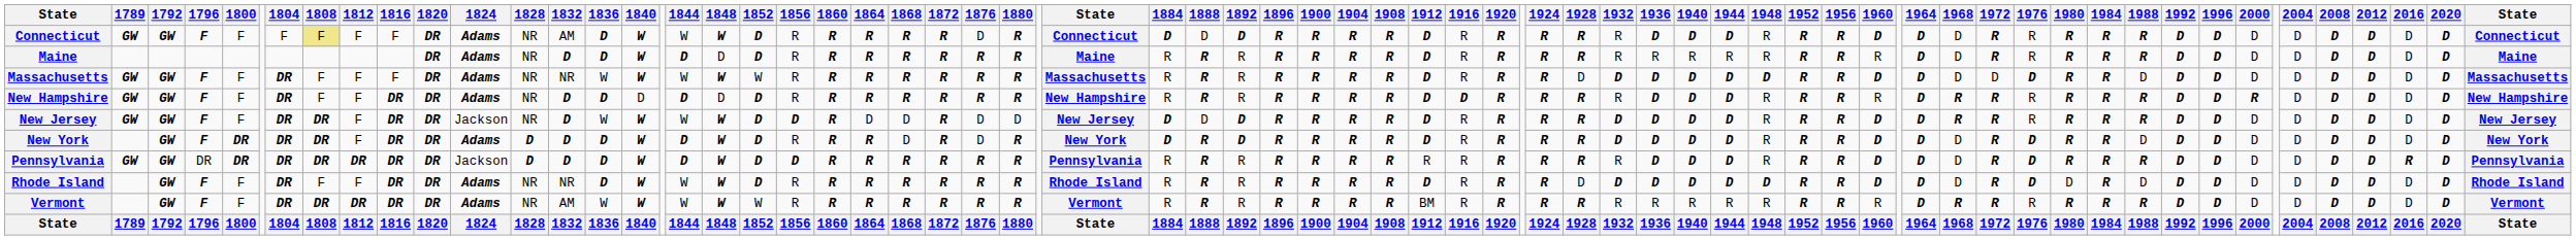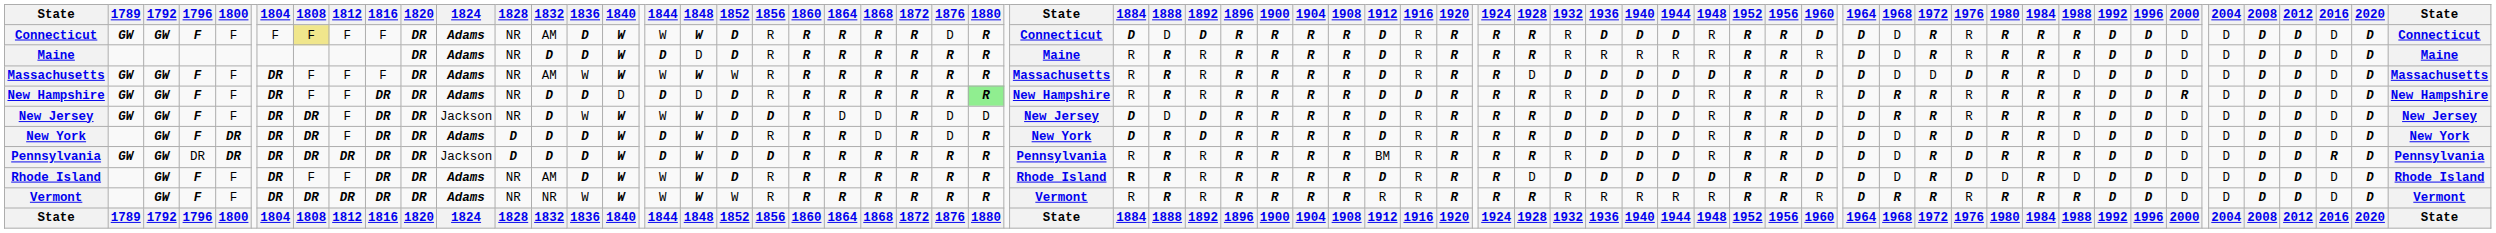 <table class=wikitable style="text-align:center">
 <tr>
 <th>State</th>
 <th><a href='#'>1789</a></th>
 <th><a href='#'>1792</a></th>
 <th><a href='#'>1796</a></th>
 <th><a href='#'>1800</a></th>
 <td rowspan=99></td>
 <th><a href='#'>1804</a></th>
 <th><a href='#'>1808</a></th>
 <th><a href='#'>1812</a></th>
 <th><a href='#'>1816</a></th>
 <th><a href='#'>1820</a></th>
 <th><a href='#'>1824</a></th>
 <th><a href='#'>1828</a></th>
 <th><a href='#'>1832</a></th>
 <th><a href='#'>1836</a></th>
 <th><a href='#'>1840</a></th>
 <td rowspan=99></td>
 <th><a href='#'>1844</a></th>
 <th><a href='#'>1848</a></th>
 <th><a href='#'>1852</a></th>
 <th><a href='#'>1856</a></th>
 <th><a href='#'>1860</a></th>
 <th><a href='#'>1864</a></th>
 <th><a href='#'>1868</a></th>
 <th><a href='#'>1872</a></th>
 <th><a href='#'>1876</a></th>
 <th><a href='#'>1880</a></th>
 <td rowspan=99></td>
 <th>State</th>
 <th><a href='#'>1884</a></th>
 <th><a href='#'>1888</a></th>
 <th><a href='#'>1892</a></th>
 <th><a href='#'>1896</a></th>
 <th><a href='#'>1900</a></th>
 <th><a href='#'>1904</a></th>
 <th><a href='#'>1908</a></th>
 <th><a href='#'>1912</a></th>
 <th><a href='#'>1916</a></th>
 <th><a href='#'>1920</a></th>
 <td rowspan=99></td>
 <th><a href='#'>1924</a></th>
 <th><a href='#'>1928</a></th>
 <th><a href='#'>1932</a></th>
 <th><a href='#'>1936</a></th>
 <th><a href='#'>1940</a></th>
 <th><a href='#'>1944</a></th>
 <th><a href='#'>1948</a></th>
 <th><a href='#'>1952</a></th>
 <th><a href='#'>1956</a></th>
 <th><a href='#'>1960</a></th>
 <td rowspan=99></td>
 <th><a href='#'>1964</a></th>
 <th><a href='#'>1968</a></th>
 <th><a href='#'>1972</a></th>
 <th><a href='#'>1976</a></th>
 <th><a href='#'>1980</a></th>
 <th><a href='#'>1984</a></th>
 <th><a href='#'>1988</a></th>
 <th><a href='#'>1992</a></th>
 <th><a href='#'>1996</a></th>
 <th><a href='#'>2000</a></th>
 <td rowspan=99></td>
 <th><a href='#'>2004</a></th>
 <th><a href='#'>2008</a></th>
 <th><a href='#'>2012</a></th>
 <th><a href='#'>2016</a></th>
 <th><a href='#'>2020</a></th>
 <th>State</th>
 </tr>
 <tr>
 <th nowrap><a href='#'>Connecticut</a></th>
 <td><strong><em>GW</em></strong></td>
 <td><strong><em>GW</em></strong></td>
 <td><strong><em>F</em></strong></td>
 <td>F</td>
 <td>F</td>
 <td style="background: khaki;">F</td>
 <td>F</td>
 <td>F</td>
 <td><strong><em>DR</em></strong></td>
 <td><strong><em>Adams</em></strong></td>
 <td>NR</td>
 <td>AM</td>
 <td><strong><em>D</em></strong></td>
 <td><strong><em>W</em></strong></td>
 <td>W</td>
 <td><strong><em>W</em></strong></td>
 <td><strong><em>D</em></strong></td>
 <td>R</td>
 <td><strong><em>R</em></strong></td>
 <td><strong><em>R</em></strong></td>
 <td><strong><em>R</em></strong></td>
 <td><strong><em>R</em></strong></td>
 <td>D</td>
 <td><strong><em>R</em></strong></td>
 <th><a href='#'>Connecticut</a></th>
 <td><strong><em>D</em></strong></td>
 <td>D</td>
 <td><strong><em>D</em></strong></td>
 <td><strong><em>R</em></strong></td>
 <td><strong><em>R</em></strong></td>
 <td><strong><em>R</em></strong></td>
 <td><strong><em>R</em></strong></td>
 <td><strong><em>D</em></strong></td>
 <td>R</td>
 <td><strong><em>R</em></strong></td>
 <td><strong><em>R</em></strong></td>
 <td><strong><em>R</em></strong></td>
 <td>R</td>
 <td><strong><em>D</em></strong></td>
 <td><strong><em>D</em></strong></td>
 <td><strong><em>D</em></strong></td>
 <td>R</td>
 <td><strong><em>R</em></strong></td>
 <td><strong><em>R</em></strong></td>
 <td><strong><em>D</em></strong></td>
 <td><strong><em>D</em></strong></td>
 <td>D</td>
 <td><strong><em>R</em></strong></td>
 <td>R</td>
 <td><strong><em>R</em></strong></td>
 <td><strong><em>R</em></strong></td>
 <td><strong><em>R</em></strong></td>
 <td><strong><em>D</em></strong></td>
 <td><strong><em>D</em></strong></td>
 <td>D</td>
 <td>D</td>
 <td><strong><em>D</em></strong></td>
 <td><strong><em>D</em></strong></td>
 <td>D</td>
 <td><strong><em>D</em></strong></td>
 <th nowrap><a href='#'>Connecticut</a></th>
 </tr>
 <tr>
 <th nowrap><a href='#'>Maine</a></th>
 <td> </td>
 <td> </td>
 <td> </td>
 <td> </td>
 <td> </td>
 <td> </td>
 <td> </td>
 <td> </td>
 <td><strong><em>DR</em></strong></td>
 <td><strong><em>Adams</em></strong></td>
 <td>NR</td>
 <td><strong><em>D</em></strong></td>
 <td><strong><em>D</em></strong></td>
 <td><strong><em>W</em></strong></td>
 <td><strong><em>D</em></strong></td>
 <td>D</td>
 <td><strong><em>D</em></strong></td>
 <td>R</td>
 <td><strong><em>R</em></strong></td>
 <td><strong><em>R</em></strong></td>
 <td><strong><em>R</em></strong></td>
 <td><strong><em>R</em></strong></td>
 <td><strong><em>R</em></strong></td>
 <td><strong><em>R</em></strong></td>
 <th><a href='#'>Maine</a></th>
 <td>R</td>
 <td><strong><em>R</em></strong></td>
 <td>R</td>
 <td><strong><em>R</em></strong></td>
 <td><strong><em>R</em></strong></td>
 <td><strong><em>R</em></strong></td>
 <td><strong><em>R</em></strong></td>
 <td><strong><em>D</em></strong></td>
 <td>R</td>
 <td><strong><em>R</em></strong></td>
 <td><strong><em>R</em></strong></td>
 <td><strong><em>R</em></strong></td>
 <td>R</td>
 <td>R</td>
 <td>R</td>
 <td>R</td>
 <td>R</td>
 <td><strong><em>R</em></strong></td>
 <td><strong><em>R</em></strong></td>
 <td>R</td>
 <td><strong><em>D</em></strong></td>
 <td>D</td>
 <td><strong><em>R</em></strong></td>
 <td>R</td>
 <td><strong><em>R</em></strong></td>
 <td><strong><em>R</em></strong></td>
 <td><strong><em>R</em></strong></td>
 <td><strong><em>D</em></strong></td>
 <td><strong><em>D</em></strong></td>
 <td>D</td>
 <td>D</td>
 <td><strong><em>D</em></strong></td>
 <td><strong><em>D</em></strong></td>
 <td>D</td>
 <td><strong><em>D</em></strong></td>
 <th nowrap><a href='#'>Maine</a></th>
 </tr>
 <tr>
 <th nowrap><a href='#'>Massachusetts</a></th>
 <td><strong><em>GW</em></strong></td>
 <td><strong><em>GW</em></strong></td>
 <td><strong><em>F</em></strong></td>
 <td>F</td>
 <td><strong><em>DR</em></strong></td>
 <td>F</td>
 <td>F</td>
 <td>F</td>
 <td><strong><em>DR</em></strong></td>
 <td><strong><em>Adams</em></strong></td>
 <td>NR</td>
-<td>NR</td>
+<td>AM</td>
 <td>W</td>
 <td><strong><em>W</em></strong></td>
 <td>W</td>
 <td><strong><em>W</em></strong></td>
 <td>W</td>
 <td>R</td>
 <td><strong><em>R</em></strong></td>
 <td><strong><em>R</em></strong></td>
 <td><strong><em>R</em></strong></td>
 <td><strong><em>R</em></strong></td>
 <td><strong><em>R</em></strong></td>
 <td><strong><em>R</em></strong></td>
 <th><a href='#'>Massachusetts</a></th>
 <td>R</td>
 <td><strong><em>R</em></strong></td>
 <td>R</td>
 <td><strong><em>R</em></strong></td>
 <td><strong><em>R</em></strong></td>
 <td><strong><em>R</em></strong></td>
 <td><strong><em>R</em></strong></td>
 <td><strong><em>D</em></strong></td>
 <td>R</td>
 <td><strong><em>R</em></strong></td>
 <td><strong><em>R</em></strong></td>
 <td>D</td>
 <td><strong><em>D</em></strong></td>
 <td><strong><em>D</em></strong></td>
 <td><strong><em>D</em></strong></td>
 <td><strong><em>D</em></strong></td>
 <td><strong><em>D</em></strong></td>
 <td><strong><em>R</em></strong></td>
 <td><strong><em>R</em></strong></td>
 <td><strong><em>D</em></strong></td>
 <td><strong><em>D</em></strong></td>
 <td>D</td>
 <td>D</td>
 <td><strong><em>D</em></strong></td>
 <td><strong><em>R</em></strong></td>
 <td><strong><em>R</em></strong></td>
 <td>D</td>
 <td><strong><em>D</em></strong></td>
 <td><strong><em>D</em></strong></td>
 <td>D</td>
 <td>D</td>
 <td><strong><em>D</em></strong></td>
 <td><strong><em>D</em></strong></td>
 <td>D</td>
 <td><strong><em>D</em></strong></td>
 <th nowrap><a href='#'>Massachusetts</a></th>
 </tr>
 <tr>
 <th nowrap><a href='#'>New Hampshire</a></th>
 <td><strong><em>GW</em></strong></td>
 <td><strong><em>GW</em></strong></td>
 <td><strong><em>F</em></strong></td>
 <td>F</td>
 <td><strong><em>DR</em></strong></td>
 <td>F</td>
 <td>F</td>
 <td><strong><em>DR</em></strong></td>
 <td><strong><em>DR</em></strong></td>
 <td><strong><em>Adams</em></strong></td>
 <td>NR</td>
 <td><strong><em>D</em></strong></td>
 <td><strong><em>D</em></strong></td>
 <td>D</td>
 <td><strong><em>D</em></strong></td>
 <td>D</td>
 <td><strong><em>D</em></strong></td>
 <td>R</td>
 <td><strong><em>R</em></strong></td>
 <td><strong><em>R</em></strong></td>
 <td><strong><em>R</em></strong></td>
 <td><strong><em>R</em></strong></td>
 <td><strong><em>R</em></strong></td>
-<td><strong><em>R</em></strong></td>
+<td style="background: lightgreen;"><strong><em>R</em></strong></td>
 <th nowrap><a href='#'>New Hampshire</a></th>
 <td>R</td>
 <td><strong><em>R</em></strong></td>
 <td>R</td>
 <td><strong><em>R</em></strong></td>
 <td><strong><em>R</em></strong></td>
 <td><strong><em>R</em></strong></td>
 <td><strong><em>R</em></strong></td>
 <td><strong><em>D</em></strong></td>
 <td><strong><em>D</em></strong></td>
 <td><strong><em>R</em></strong></td>
 <td><strong><em>R</em></strong></td>
 <td><strong><em>R</em></strong></td>
 <td>R</td>
 <td><strong><em>D</em></strong></td>
 <td><strong><em>D</em></strong></td>
 <td><strong><em>D</em></strong></td>
 <td>R</td>
 <td><strong><em>R</em></strong></td>
 <td><strong><em>R</em></strong></td>
 <td>R</td>
 <td><strong><em>D</em></strong></td>
 <td><strong><em>R</em></strong></td>
 <td><strong><em>R</em></strong></td>
 <td>R</td>
 <td><strong><em>R</em></strong></td>
 <td><strong><em>R</em></strong></td>
 <td><strong><em>R</em></strong></td>
 <td><strong><em>D</em></strong></td>
 <td><strong><em>D</em></strong></td>
 <td><strong><em>R</em></strong></td>
 <td>D</td>
 <td><strong><em>D</em></strong></td>
 <td><strong><em>D</em></strong></td>
 <td>D</td>
 <td><strong><em>D</em></strong></td>
 <th nowrap><a href='#'>New Hampshire</a></th>
 </tr>
 <tr>
 <th nowrap><a href='#'>New Jersey</a></th>
 <td><strong><em>GW</em></strong></td>
 <td><strong><em>GW</em></strong></td>
 <td><strong><em>F</em></strong></td>
 <td>F</td>
 <td><strong><em>DR</em></strong></td>
 <td><strong><em>DR</em></strong></td>
 <td>F</td>
 <td><strong><em>DR</em></strong></td>
 <td><strong><em>DR</em></strong></td>
 <td>Jackson</td>
 <td>NR</td>
 <td><strong><em>D</em></strong></td>
 <td>W</td>
 <td><strong><em>W</em></strong></td>
 <td>W</td>
 <td><strong><em>W</em></strong></td>
 <td><strong><em>D</em></strong></td>
 <td><strong><em>D</em></strong></td>
 <td><strong><em>R</em></strong></td>
 <td>D</td>
 <td>D</td>
 <td><strong><em>R</em></strong></td>
 <td>D</td>
 <td>D</td>
 <th><a href='#'>New Jersey</a></th>
 <td><strong><em>D</em></strong></td>
 <td>D</td>
 <td><strong><em>D</em></strong></td>
 <td><strong><em>R</em></strong></td>
 <td><strong><em>R</em></strong></td>
 <td><strong><em>R</em></strong></td>
 <td><strong><em>R</em></strong></td>
 <td><strong><em>D</em></strong></td>
 <td>R</td>
 <td><strong><em>R</em></strong></td>
 <td><strong><em>R</em></strong></td>
 <td><strong><em>R</em></strong></td>
 <td><strong><em>D</em></strong></td>
 <td><strong><em>D</em></strong></td>
 <td><strong><em>D</em></strong></td>
 <td><strong><em>D</em></strong></td>
 <td>R</td>
 <td><strong><em>R</em></strong></td>
 <td><strong><em>R</em></strong></td>
 <td><strong><em>D</em></strong></td>
 <td><strong><em>D</em></strong></td>
 <td><strong><em>R</em></strong></td>
 <td><strong><em>R</em></strong></td>
 <td>R</td>
 <td><strong><em>R</em></strong></td>
 <td><strong><em>R</em></strong></td>
 <td><strong><em>R</em></strong></td>
 <td><strong><em>D</em></strong></td>
 <td><strong><em>D</em></strong></td>
 <td>D</td>
 <td>D</td>
 <td><strong><em>D</em></strong></td>
 <td><strong><em>D</em></strong></td>
 <td>D</td>
 <td><strong><em>D</em></strong></td>
 <th nowrap><a href='#'>New Jersey</a></th>
 </tr>
 <tr>
 <th nowrap><a href='#'>New York</a></th>
 <td></td>
 <td><strong><em>GW</em></strong></td>
 <td><strong><em>F</em></strong></td>
 <td><strong><em>DR</em></strong></td>
 <td><strong><em>DR</em></strong></td>
 <td><strong><em>DR</em></strong></td>
 <td>F</td>
 <td><strong><em>DR</em></strong></td>
 <td><strong><em>DR</em></strong></td>
 <td><strong><em>Adams</em></strong></td>
 <td><strong><em>D</em></strong></td>
 <td><strong><em>D</em></strong></td>
 <td><strong><em>D</em></strong></td>
 <td><strong><em>W</em></strong></td>
 <td><strong><em>D</em></strong></td>
 <td><strong><em>W</em></strong></td>
 <td><strong><em>D</em></strong></td>
 <td>R</td>
 <td><strong><em>R</em></strong></td>
 <td><strong><em>R</em></strong></td>
 <td>D</td>
 <td><strong><em>R</em></strong></td>
 <td>D</td>
 <td><strong><em>R</em></strong></td>
 <th><a href='#'>New York</a></th>
 <td><strong><em>D</em></strong></td>
 <td><strong><em>R</em></strong></td>
 <td><strong><em>D</em></strong></td>
 <td><strong><em>R</em></strong></td>
 <td><strong><em>R</em></strong></td>
 <td><strong><em>R</em></strong></td>
 <td><strong><em>R</em></strong></td>
 <td><strong><em>D</em></strong></td>
 <td>R</td>
 <td><strong><em>R</em></strong></td>
 <td><strong><em>R</em></strong></td>
 <td><strong><em>R</em></strong></td>
 <td><strong><em>D</em></strong></td>
 <td><strong><em>D</em></strong></td>
 <td><strong><em>D</em></strong></td>
 <td><strong><em>D</em></strong></td>
 <td>R</td>
 <td><strong><em>R</em></strong></td>
 <td><strong><em>R</em></strong></td>
 <td><strong><em>D</em></strong></td>
 <td><strong><em>D</em></strong></td>
 <td>D</td>
 <td><strong><em>R</em></strong></td>
 <td><strong><em>D</em></strong></td>
 <td><strong><em>R</em></strong></td>
 <td><strong><em>R</em></strong></td>
 <td>D</td>
 <td><strong><em>D</em></strong></td>
 <td><strong><em>D</em></strong></td>
 <td>D</td>
 <td>D</td>
 <td><strong><em>D</em></strong></td>
 <td><strong><em>D</em></strong></td>
 <td>D</td>
 <td><strong><em>D</em></strong></td>
 <th nowrap><a href='#'>New York</a></th>
 </tr>
 <tr>
 <th nowrap><a href='#'>Pennsylvania</a></th>
 <td><strong><em>GW</em></strong></td>
 <td><strong><em>GW</em></strong></td>
 <td>DR</td>
 <td><strong><em>DR</em></strong></td>
 <td><strong><em>DR</em></strong></td>
 <td><strong><em>DR</em></strong></td>
 <td><strong><em>DR</em></strong></td>
 <td><strong><em>DR</em></strong></td>
 <td><strong><em>DR</em></strong></td>
 <td>Jackson</td>
 <td><strong><em>D</em></strong></td>
 <td><strong><em>D</em></strong></td>
 <td><strong><em>D</em></strong></td>
 <td><strong><em>W</em></strong></td>
 <td><strong><em>D</em></strong></td>
 <td><strong><em>W</em></strong></td>
 <td><strong><em>D</em></strong></td>
 <td><strong><em>D</em></strong></td>
 <td><strong><em>R</em></strong></td>
 <td><strong><em>R</em></strong></td>
 <td><strong><em>R</em></strong></td>
 <td><strong><em>R</em></strong></td>
 <td><strong><em>R</em></strong></td>
 <td><strong><em>R</em></strong></td>
 <th><a href='#'>Pennsylvania</a></th>
 <td>R</td>
 <td><strong><em>R</em></strong></td>
 <td>R</td>
 <td><strong><em>R</em></strong></td>
 <td><strong><em>R</em></strong></td>
 <td><strong><em>R</em></strong></td>
 <td><strong><em>R</em></strong></td>
-<td>R</td>
+<td>BM</td>
 <td>R</td>
 <td><strong><em>R</em></strong></td>
 <td><strong><em>R</em></strong></td>
 <td><strong><em>R</em></strong></td>
 <td>R</td>
 <td><strong><em>D</em></strong></td>
 <td><strong><em>D</em></strong></td>
 <td><strong><em>D</em></strong></td>
 <td>R</td>
 <td><strong><em>R</em></strong></td>
 <td><strong><em>R</em></strong></td>
 <td><strong><em>D</em></strong></td>
 <td><strong><em>D</em></strong></td>
 <td>D</td>
 <td><strong><em>R</em></strong></td>
 <td><strong><em>D</em></strong></td>
 <td><strong><em>R</em></strong></td>
 <td><strong><em>R</em></strong></td>
 <td><strong><em>R</em></strong></td>
 <td><strong><em>D</em></strong></td>
 <td><strong><em>D</em></strong></td>
 <td>D</td>
 <td>D</td>
 <td><strong><em>D</em></strong></td>
 <td><strong><em>D</em></strong></td>
 <td><strong><em>R</em></strong></td>
 <td><strong><em>D</em></strong></td>
 <th nowrap><a href='#'>Pennsylvania</a></th>
 </tr>
 <tr>
 <th nowrap><a href='#'>Rhode Island</a></th>
 <td> </td>
 <td><strong><em>GW</em></strong></td>
 <td><strong><em>F</em></strong></td>
 <td>F</td>
 <td><strong><em>DR</em></strong></td>
 <td>F</td>
 <td>F</td>
 <td><strong><em>DR</em></strong></td>
 <td><strong><em>DR</em></strong></td>
 <td><strong><em>Adams</em></strong></td>
 <td>NR</td>
-<td>NR</td>
+<td>AM</td>
 <td><strong><em>D</em></strong></td>
 <td><strong><em>W</em></strong></td>
 <td>W</td>
 <td><strong><em>W</em></strong></td>
 <td><strong><em>D</em></strong></td>
 <td>R</td>
 <td><strong><em>R</em></strong></td>
 <td><strong><em>R</em></strong></td>
 <td><strong><em>R</em></strong></td>
 <td><strong><em>R</em></strong></td>
 <td><strong><em>R</em></strong></td>
 <td><strong><em>R</em></strong></td>
 <th nowrap><a href='#'>Rhode Island</a></th>
-<td>R</td>
+<td><strong>R</strong></td>
 <td><strong><em>R</em></strong></td>
 <td>R</td>
 <td><strong><em>R</em></strong></td>
 <td><strong><em>R</em></strong></td>
 <td><strong><em>R</em></strong></td>
 <td><strong><em>R</em></strong></td>
 <td><strong><em>D</em></strong></td>
 <td>R</td>
 <td><strong><em>R</em></strong></td>
 <td><strong><em>R</em></strong></td>
 <td>D</td>
 <td><strong><em>D</em></strong></td>
 <td><strong><em>D</em></strong></td>
 <td><strong><em>D</em></strong></td>
 <td><strong><em>D</em></strong></td>
 <td><strong><em>D</em></strong></td>
 <td><strong><em>R</em></strong></td>
 <td><strong><em>R</em></strong></td>
 <td><strong><em>D</em></strong></td>
 <td><strong><em>D</em></strong></td>
 <td>D</td>
 <td><strong><em>R</em></strong></td>
 <td><strong><em>D</em></strong></td>
 <td>D</td>
 <td><strong><em>R</em></strong></td>
 <td>D</td>
 <td><strong><em>D</em></strong></td>
 <td><strong><em>D</em></strong></td>
 <td>D</td>
 <td>D</td>
 <td><strong><em>D</em></strong></td>
 <td><strong><em>D</em></strong></td>
 <td>D</td>
 <td><strong><em>D</em></strong></td>
 <th nowrap><a href='#'>Rhode Island</a></th>
 </tr>
 <tr>
 <th nowrap><a href='#'>Vermont</a></th>
 <td> </td>
 <td><strong><em>GW</em></strong></td>
 <td><strong><em>F</em></strong></td>
 <td>F</td>
 <td><strong><em>DR</em></strong></td>
 <td><strong><em>DR</em></strong></td>
 <td><strong><em>DR</em></strong></td>
 <td><strong><em>DR</em></strong></td>
 <td><strong><em>DR</em></strong></td>
 <td><strong><em>Adams</em></strong></td>
 <td>NR</td>
-<td>AM</td>
+<td>NR</td>
 <td>W</td>
 <td><strong><em>W</em></strong></td>
 <td>W</td>
 <td><strong><em>W</em></strong></td>
 <td>W</td>
 <td>R</td>
 <td><strong><em>R</em></strong></td>
 <td><strong><em>R</em></strong></td>
 <td><strong><em>R</em></strong></td>
 <td><strong><em>R</em></strong></td>
 <td><strong><em>R</em></strong></td>
 <td><strong><em>R</em></strong></td>
 <th nowrap><a href='#'>Vermont</a></th>
 <td>R</td>
 <td><strong><em>R</em></strong></td>
 <td>R</td>
 <td><strong><em>R</em></strong></td>
 <td><strong><em>R</em></strong></td>
 <td><strong><em>R</em></strong></td>
 <td><strong><em>R</em></strong></td>
-<td>BM</td>
+<td>R</td>
 <td>R</td>
 <td><strong><em>R</em></strong></td>
 <td><strong><em>R</em></strong></td>
 <td><strong><em>R</em></strong></td>
 <td>R</td>
 <td>R</td>
 <td>R</td>
 <td>R</td>
 <td>R</td>
 <td><strong><em>R</em></strong></td>
 <td><strong><em>R</em></strong></td>
 <td>R</td>
 <td><strong><em>D</em></strong></td>
 <td><strong><em>R</em></strong></td>
 <td><strong><em>R</em></strong></td>
 <td>R</td>
 <td><strong><em>R</em></strong></td>
 <td><strong><em>R</em></strong></td>
 <td><strong><em>R</em></strong></td>
 <td><strong><em>D</em></strong></td>
 <td><strong><em>D</em></strong></td>
 <td>D</td>
 <td>D</td>
 <td><strong><em>D</em></strong></td>
 <td><strong><em>D</em></strong></td>
 <td>D</td>
 <td><strong><em>D</em></strong></td>
 <th nowrap><a href='#'>Vermont</a></th>
 </tr>
 <tr>
 <th>State</th>
 <th><a href='#'>1789</a></th>
 <th><a href='#'>1792</a></th>
 <th><a href='#'>1796</a></th>
 <th><a href='#'>1800</a></th>
 <th><a href='#'>1804</a></th>
 <th><a href='#'>1808</a></th>
 <th><a href='#'>1812</a></th>
 <th><a href='#'>1816</a></th>
 <th><a href='#'>1820</a></th>
 <th><a href='#'>1824</a></th>
 <th><a href='#'>1828</a></th>
 <th><a href='#'>1832</a></th>
 <th><a href='#'>1836</a></th>
 <th><a href='#'>1840</a></th>
 <th><a href='#'>1844</a></th>
 <th><a href='#'>1848</a></th>
 <th><a href='#'>1852</a></th>
 <th><a href='#'>1856</a></th>
 <th><a href='#'>1860</a></th>
 <th><a href='#'>1864</a></th>
 <th><a href='#'>1868</a></th>
 <th><a href='#'>1872</a></th>
 <th><a href='#'>1876</a></th>
 <th><a href='#'>1880</a></th>
 <th>State</th>
 <th><a href='#'>1884</a></th>
 <th><a href='#'>1888</a></th>
 <th><a href='#'>1892</a></th>
 <th><a href='#'>1896</a></th>
 <th><a href='#'>1900</a></th>
 <th><a href='#'>1904</a></th>
 <th><a href='#'>1908</a></th>
 <th><a href='#'>1912</a></th>
 <th><a href='#'>1916</a></th>
 <th><a href='#'>1920</a></th>
 <th><a href='#'>1924</a></th>
 <th><a href='#'>1928</a></th>
 <th><a href='#'>1932</a></th>
 <th><a href='#'>1936</a></th>
 <th><a href='#'>1940</a></th>
 <th><a href='#'>1944</a></th>
 <th><a href='#'>1948</a></th>
 <th><a href='#'>1952</a></th>
 <th><a href='#'>1956</a></th>
 <th><a href='#'>1960</a></th>
 <th><a href='#'>1964</a></th>
 <th><a href='#'>1968</a></th>
 <th><a href='#'>1972</a></th>
 <th><a href='#'>1976</a></th>
 <th><a href='#'>1980</a></th>
 <th><a href='#'>1984</a></th>
 <th><a href='#'>1988</a></th>
 <th><a href='#'>1992</a></th>
 <th><a href='#'>1996</a></th>
 <th><a href='#'>2000</a></th>
 <th><a href='#'>2004</a></th>
 <th><a href='#'>2008</a></th>
 <th><a href='#'>2012</a></th>
 <th><a href='#'>2016</a></th>
 <th><a href='#'>2020</a></th>
 <th>State</th>
 </tr>
 </table>
